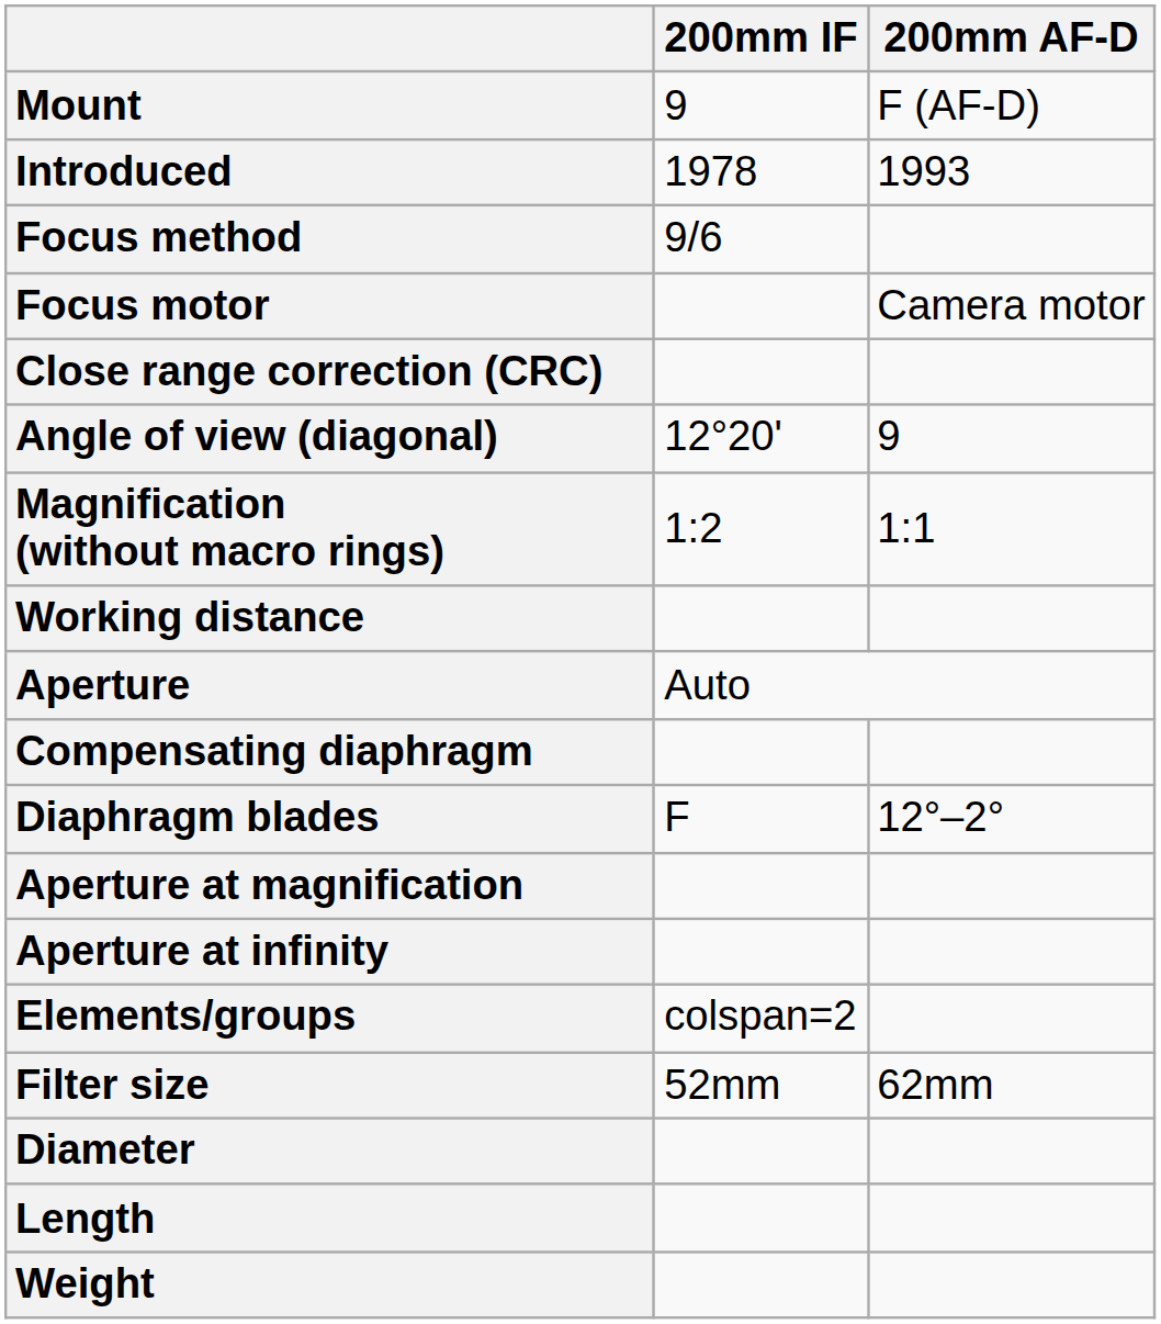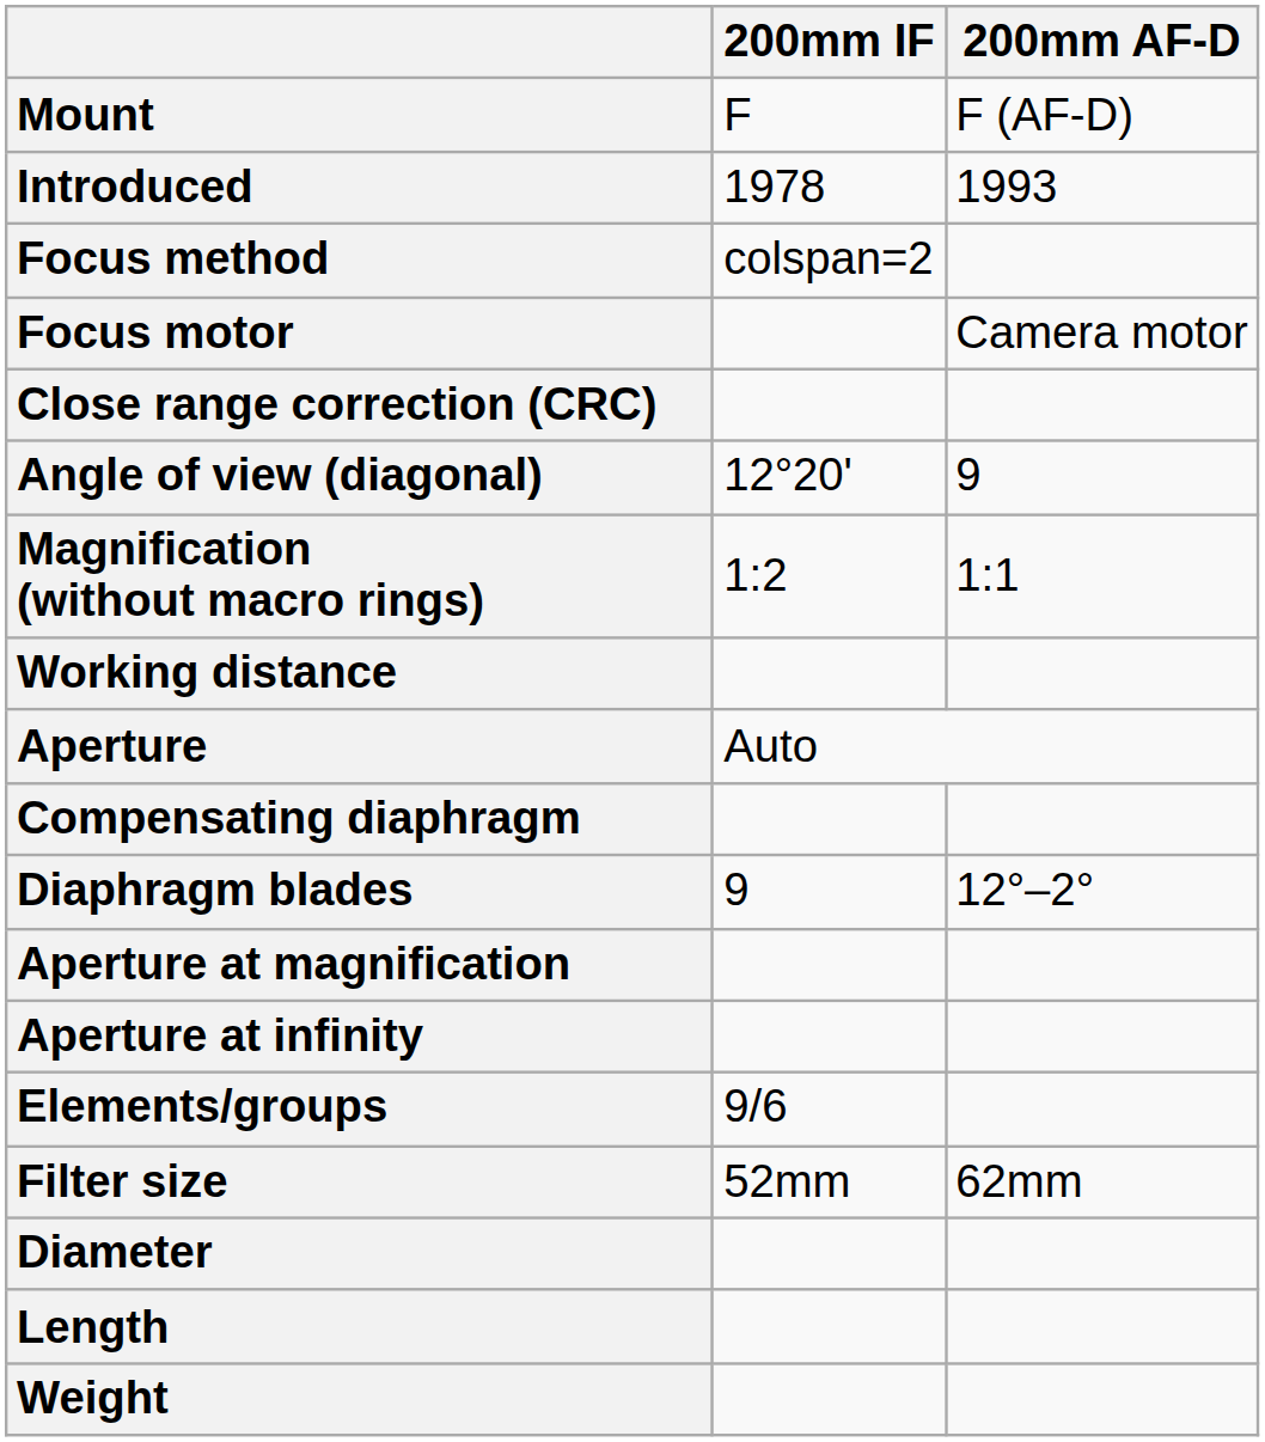 <table class="wikitable floatright" style="font-size:100%;text-align:left;">
 <tr>
 <th style="width: 15em"></th>
 <th>200mm  IF</th>
 <th>200mm  AF‑D</th>
 </tr>
 <tr>
 <th style="text-align: left">Mount</th>
-<td>9</td>
+<td>F</td>
 <td>F (AF‑D)</td>
 </tr>
 <tr>
 <th style="text-align: left">Introduced</th>
 <td>1978</td>
 <td>1993</td>
 </tr>
 <tr>
 <th style="text-align: left">Focus method</th>
-<td>9/6</td>
+<td>colspan=2 </td>
 </tr>
 <tr>
 <th style="text-align: left">Focus motor</th>
 <td></td>
 <td>Camera motor</td>
 </tr>
 <tr>
 <th style="text-align: left">Close range correction (CRC)</th>
 <td></td>
 <td></td>
 </tr>
 <tr>
 <th style="text-align: left">Angle of view (diagonal)</th>
 <td>12°20'</td>
 <td>9</td>
 </tr>
 <tr>
 <th style="text-align: left">Magnification<br>(without macro rings)</th>
 <td>1:2</td>
 <td>1:1</td>
 </tr>
 <tr>
 <th style="text-align: left">Working distance</th>
 <td></td>
 <td></td>
 </tr>
 <tr>
 <th style="text-align: left">Aperture</th>
 <td colspan="2">Auto</td>
 </tr>
 <tr>
 <th style="text-align: left">Compensating diaphragm</th>
 <td></td>
 <td></td>
 </tr>
 <tr>
 <th style="text-align: left">Diaphragm blades</th>
-<td>F</td>
+<td>9</td>
 <td>12°–2°</td>
 </tr>
 <tr>
 <th style="text-align: left">Aperture at magnification</th>
 <td></td>
 <td></td>
 </tr>
 <tr>
 <th style="text-align: left">Aperture at infinity</th>
 <td></td>
 <td></td>
 </tr>
 <tr>
 <th style="text-align: left">Elements/groups</th>
-<td>colspan=2 </td>
+<td>9/6</td>
 <td></td>
 </tr>
 <tr>
 <th style="text-align: left">Filter size</th>
 <td>52mm</td>
 <td>62mm</td>
 </tr>
 <tr>
 <th style="text-align: left">Diameter</th>
 <td></td>
 <td></td>
 </tr>
 <tr>
 <th style="text-align: left">Length</th>
 <td></td>
 <td></td>
 </tr>
 <tr>
 <th style="text-align: left">Weight</th>
 <td></td>
 <td></td>
 </tr>
 </table>
